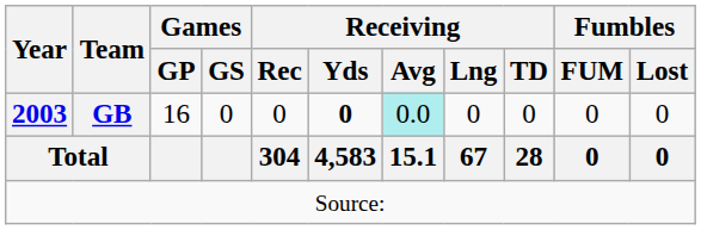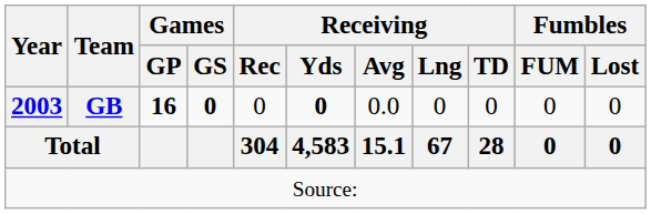 <table class="wikitable" style="text-align: center;">
 <tr>
 <th rowspan="2">Year</th>
 <th rowspan="2">Team</th>
 <th colspan="2">Games</th>
 <th colspan="5">Receiving</th>
 <th colspan="2">Fumbles</th>
 </tr>
 <tr>
 <th>GP</th>
 <th>GS</th>
 <th>Rec</th>
 <th>Yds</th>
 <th>Avg</th>
 <th>Lng</th>
 <th>TD</th>
 <th>FUM</th>
 <th>Lost</th>
 </tr>
 <tr>
 <th><a href='#'>2003</a></th>
 <th><a href='#'>GB</a></th>
-<td>16</td>
-<td>0</td>
+<td><strong>16</strong></td>
+<td><strong>0</strong></td>
 <td>0</td>
 <td><strong>0</strong></td>
-<td style="background: paleturquoise;">0.0</td>
+<td>0.0</td>
 <td>0</td>
 <td>0</td>
 <td>0</td>
 <td>0</td>
 </tr>
 <tr>
 <th colspan="2">Total</th>
 <th></th>
 <th></th>
 <th>304</th>
 <th>4,583</th>
 <th>15.1</th>
 <th>67</th>
 <th>28</th>
 <th>0</th>
 <th>0</th>
 </tr>
 <tr>
 <td colspan="11"><small>Source: </small></td>
 </tr>
 </table>
